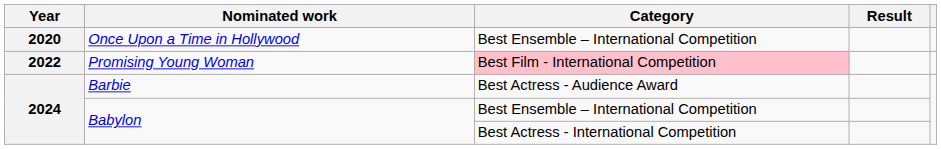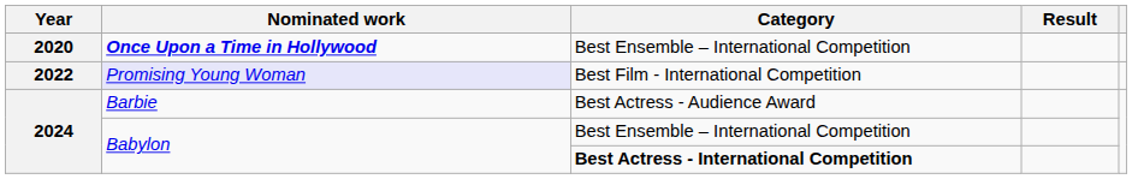 <table class=wikitable>
 <tr>
 <th scope="col" style="width:5em;">Year</th>
 <th scope="col" style="width:26em;">Nominated work</th>
 <th scope="col" style="width:25em;">Category</th>
 <th scope="col" style="width:5em;">Result</th>
 <th scope="col"></th>
 </tr>
 <tr>
 <th scope="row">2020</th>
-<td><em><a href='#'>Once Upon a Time in Hollywood</a></em></td>
+<td><strong><em><a href='#'>Once Upon a Time in Hollywood</a></em></strong></td>
 <td>Best Ensemble – International Competition</td>
 <td></td>
 <td style="text-align:center;"></td>
 </tr>
 <tr>
 <th scope="row">2022</th>
-<td><em><a href='#'>Promising Young Woman</a></em></td>
-<td style="background: pink;">Best Film - International Competition</td>
+<td style="background: lavender;"><em><a href='#'>Promising Young Woman</a></em></td>
+<td>Best Film - International Competition</td>
 <td></td>
 <td style="text-align:center;"></td>
 </tr>
 <tr>
 <th scope="row" rowspan="3">2024</th>
 <td><em><a href='#'>Barbie</a></em></td>
 <td>Best Actress - Audience Award</td>
 <td></td>
 <td rowspan="3" style="text-align:center;"></td>
 </tr>
 <tr>
 <td rowspan="2"><em><a href='#'>Babylon</a></em></td>
 <td>Best Ensemble – International Competition</td>
 <td></td>
 </tr>
 <tr>
-<td>Best Actress - International Competition</td>
+<td><strong>Best Actress - International Competition</strong></td>
 <td></td>
 </tr>
 </table>
